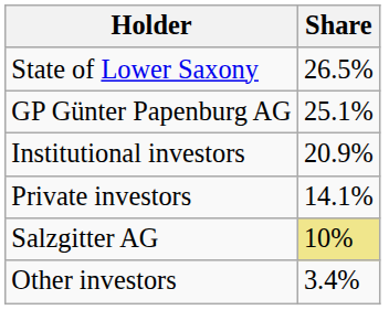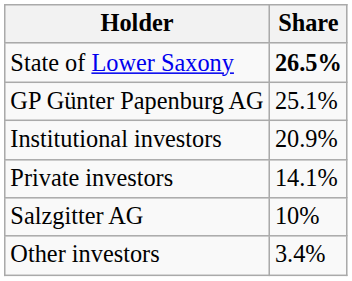 <table class="wikitable sortable">
 <tr>
 <th>Holder</th>
 <th>Share</th>
 </tr>
 <tr>
 <td>State of <a href='#'>Lower Saxony</a></td>
-<td>26.5%</td>
+<td><strong>26.5%</strong></td>
 </tr>
 <tr>
 <td>GP Günter Papenburg AG</td>
 <td>25.1%</td>
 </tr>
 <tr>
 <td>Institutional investors</td>
 <td>20.9%</td>
 </tr>
 <tr>
 <td>Private investors</td>
 <td>14.1%</td>
 </tr>
 <tr>
 <td>Salzgitter AG</td>
-<td style="background: khaki;">10%</td>
+<td>10%</td>
 </tr>
 <tr>
 <td>Other investors</td>
 <td>3.4%</td>
 </tr>
 </table>
